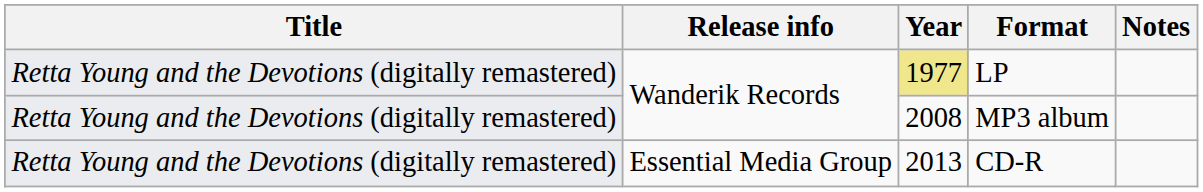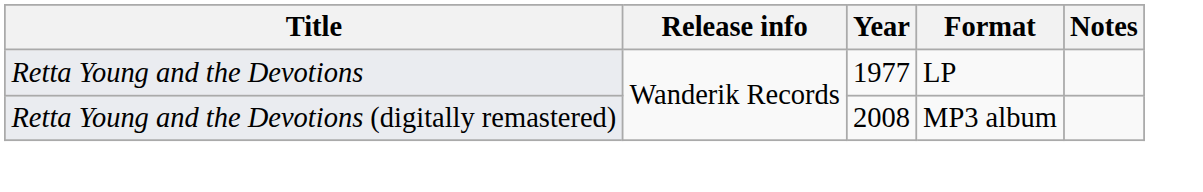 <table class="wikitable sortable">
 <tr>
 <th>Title</th>
 <th>Release info</th>
 <th>Year</th>
 <th>Format</th>
 <th class="unsortable">Notes</th>
 </tr>
 <tr>
-<td style="background:#EAECF0"><em>Retta Young and the Devotions</em> (digitally remastered)</td>
+<td style="background:#EAECF0"><em>Retta Young and the Devotions</em></td>
 <td rowspan="2">Wanderik Records</td>
-<td style="background: khaki;">1977</td>
+<td>1977</td>
 <td>LP</td>
 <td></td>
 </tr>
 <tr>
 <td style="background:#EAECF0"><em>Retta Young and the Devotions</em> (digitally remastered)</td>
 <td>2008</td>
 <td>MP3 album</td>
 <td></td>
 </tr>
-<tr>
-<td style="background:#EAECF0"><em>Retta Young and the Devotions</em> (digitally remastered)</td>
-<td>Essential Media Group</td>
-<td>2013</td>
-<td>CD-R</td>
-<td></td>
-</tr>
 </table>
